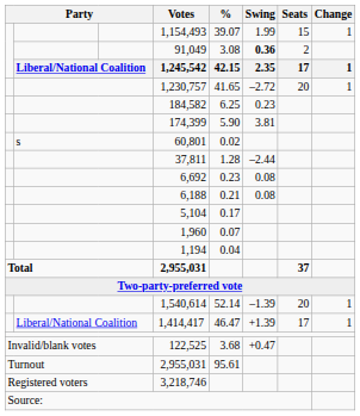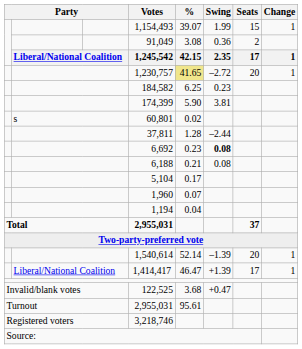 <table class="wikitable">
 <tr>
 <th colspan="3" style="width:200px"><strong>Party</strong></th>
 <th style="width:70px; text-align:center;"><strong>Votes</strong></th>
 <th style="width:40px; text-align:center;"><strong>%</strong></th>
 <th style="width:40px; text-align:center;"><strong>Swing</strong></th>
 <th style="width:40px; text-align:center;"><strong>Seats</strong></th>
 <th style="width:40px; text-align:center;"><strong>Change</strong></th>
 </tr>
 <tr>
 <td rowspan="3"> </td>
 <td> </td>
 <td></td>
 <td align="right">1,154,493</td>
 <td align="right">39.07</td>
 <td align="right">1.99</td>
 <td align="right">15</td>
 <td align="right"> 1</td>
 </tr>
 <tr>
 <td> </td>
 <td></td>
 <td align="right">91,049</td>
 <td align="right">3.08</td>
-<td align="right"><strong>0.36</strong></td>
+<td align="right">0.36</td>
 <td align="right">2</td>
 <td align="right"></td>
 </tr>
 <tr>
 <th colspan="2" style="text-align:left;"><a href='#'>Liberal/National Coalition</a></th>
 <th style="text-align:right;">1,245,542</th>
 <th style="text-align:right;">42.15</th>
 <th style="text-align:right;">2.35</th>
 <th style="text-align:right;">17</th>
 <th style="text-align:right;"> 1</th>
 </tr>
 <tr>
 <td> </td>
 <td colspan="2"></td>
 <td align="right">1,230,757</td>
-<td align="right">41.65</td>
+<td align="right" style="background: khaki;">41.65</td>
 <td align="right">–2.72</td>
 <td align="right">20</td>
 <td align="right"> 1</td>
 </tr>
 <tr>
 <td> </td>
 <td colspan="2"></td>
 <td align="right">184,582</td>
 <td align="right">6.25</td>
 <td align="right">0.23</td>
 <td align="right"></td>
 <td align="right"></td>
 </tr>
 <tr>
 <td> </td>
 <td colspan="2"></td>
 <td align="right">174,399</td>
 <td align="right">5.90</td>
 <td align="right">3.81</td>
 <td align="right"></td>
 <td align="right"></td>
 </tr>
 <tr>
 <td> </td>
 <td colspan="2">s</td>
 <td align="right">60,801</td>
 <td align="right">0.02</td>
 <td align="right"></td>
 <td align="right"></td>
 <td align="right"></td>
 </tr>
 <tr>
 <td> </td>
 <td colspan="2"></td>
 <td align="right">37,811</td>
 <td align="right">1.28</td>
 <td align="right">–2.44</td>
 <td align="right"></td>
 <td align="right"></td>
 </tr>
 <tr>
 <td> </td>
 <td colspan="2"></td>
 <td align="right">6,692</td>
 <td align="right">0.23</td>
-<td align="right">0.08</td>
+<td align="right"><strong>0.08</strong></td>
 <td align="right"></td>
 <td align="right"></td>
 </tr>
 <tr>
 <td> </td>
 <td colspan="2"></td>
 <td align="right">6,188</td>
 <td align="right">0.21</td>
 <td align="right">0.08</td>
 <td align="right"></td>
 <td align="right"></td>
 </tr>
 <tr>
 <td> </td>
 <td colspan="2"></td>
 <td align="right">5,104</td>
 <td align="right">0.17</td>
 <td align="right"></td>
 <td align="right"></td>
 <td align="right"></td>
 </tr>
 <tr>
 <td> </td>
 <td colspan="2"></td>
 <td align="right">1,960</td>
 <td align="right">0.07</td>
 <td align="right"></td>
 <td align="right"></td>
 <td align="right"></td>
 </tr>
 <tr>
 <td> </td>
 <td colspan="2"></td>
 <td align="right">1,194</td>
 <td align="right">0.04</td>
 <td align="right"></td>
 <td align="right"></td>
 <td align="right"></td>
 </tr>
 <tr>
 <td colspan="3" align="left"><strong>Total</strong></td>
 <td align="right"><strong>2,955,031</strong></td>
 <td align="right"></td>
 <td align="right"></td>
 <td align="right"><strong>37</strong></td>
 <td align="right"></td>
 </tr>
 <tr>
 <td colspan="8" style="text-align:center; background:#eee;"><strong><a href='#'>Two-party-preferred vote</a></strong></td>
 </tr>
 <tr>
 <td> </td>
 <td colspan="2"></td>
 <td align="right">1,540,614</td>
 <td align="right">52.14</td>
 <td align="right">–1.39</td>
 <td align="right">20</td>
 <td align="right"> 1</td>
 </tr>
 <tr>
 <td> </td>
 <td colspan="2"><a href='#'>Liberal/National Coalition</a></td>
 <td align="center">1,414,417</td>
 <td align="right">46.47</td>
 <td align="right">+1.39</td>
 <td align="right">17</td>
 <td align="right"> 1</td>
 </tr>
 <tr>
 <td colspan="9"></td>
 </tr>
 <tr>
 <td colspan="3" style="text-align:left;">Invalid/blank votes</td>
 <td align="right">122,525</td>
 <td align="right">3.68</td>
 <td align="right">+0.47</td>
 <td></td>
 <td></td>
 </tr>
 <tr>
 <td colspan="3" style="text-align:left;">Turnout</td>
 <td align="right">2,955,031</td>
 <td align="right">95.61</td>
 <td align="right"></td>
 <td></td>
 <td></td>
 </tr>
 <tr>
 <td colspan="3" style="text-align:left;">Registered voters</td>
 <td align="right">3,218,746</td>
 <td></td>
 <td></td>
 <td></td>
 <td></td>
 </tr>
 <tr>
 <td colspan="7" align="left">Source: </td>
 </tr>
 </table>
